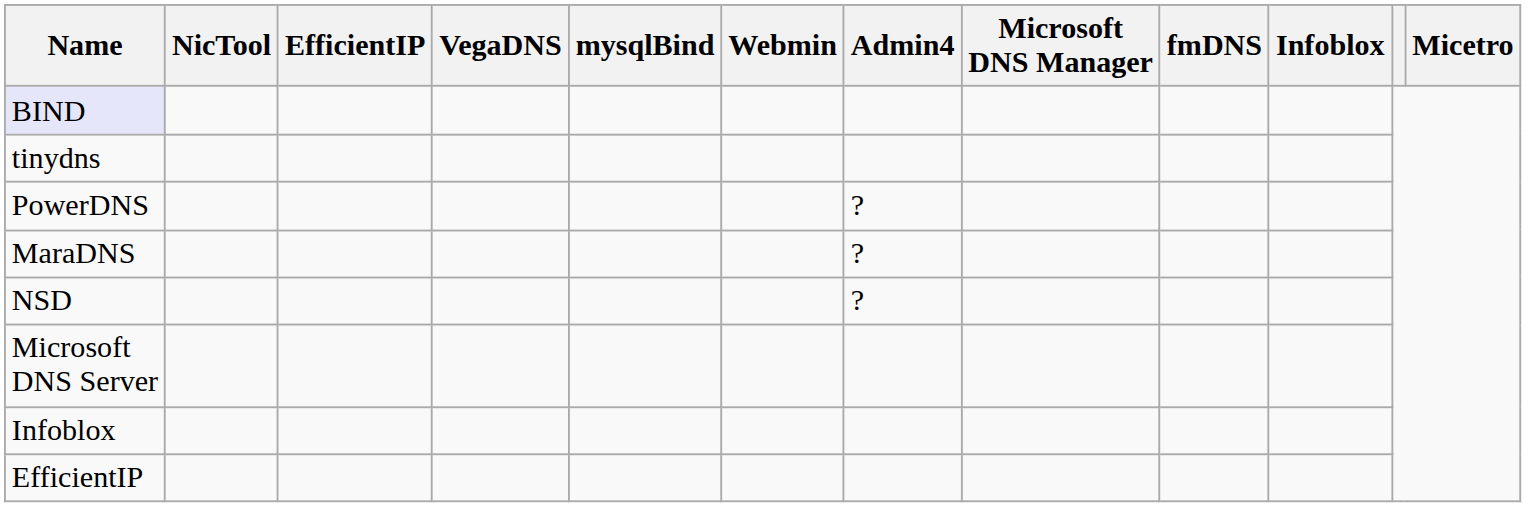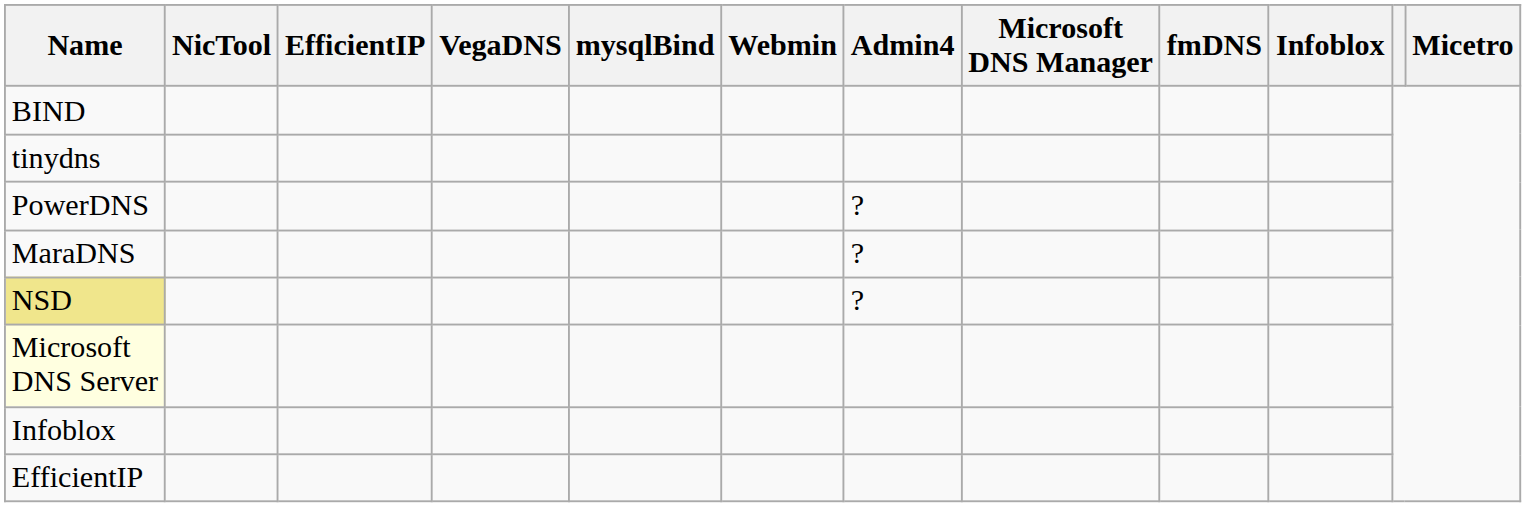 <table class="wikitable sortable">
 <tr>
 <th>Name</th>
 <th>NicTool</th>
 <th>EfficientIP</th>
 <th>VegaDNS</th>
 <th>mysqlBind</th>
 <th>Webmin</th>
 <th>Admin4</th>
 <th>Microsoft<br>DNS Manager</th>
 <th>fmDNS</th>
 <th>Infoblox</th>
 <th></th>
 <th>Micetro</th>
 </tr>
 <tr>
-<td style="background: lavender;">BIND</td>
+<td>BIND</td>
 <td></td>
 <td></td>
 <td></td>
 <td></td>
 <td></td>
 <td></td>
 <td></td>
 <td></td>
 <td></td>
 </tr>
 <tr>
 <td>tinydns</td>
 <td></td>
 <td></td>
 <td></td>
 <td></td>
 <td></td>
 <td></td>
 <td></td>
 <td></td>
 <td></td>
 </tr>
 <tr>
 <td>PowerDNS</td>
 <td></td>
 <td></td>
 <td></td>
 <td></td>
 <td></td>
 <td>?</td>
 <td></td>
 <td></td>
 <td></td>
 </tr>
 <tr>
 <td>MaraDNS</td>
 <td></td>
 <td></td>
 <td></td>
 <td></td>
 <td></td>
 <td>?</td>
 <td></td>
 <td></td>
 <td></td>
 </tr>
 <tr>
-<td>NSD</td>
+<td style="background: khaki;">NSD</td>
 <td></td>
 <td></td>
 <td></td>
 <td></td>
 <td></td>
 <td>?</td>
 <td></td>
 <td></td>
 <td></td>
 </tr>
 <tr>
-<td>Microsoft<br>DNS Server</td>
+<td style="background: lightyellow;">Microsoft<br>DNS Server</td>
 <td></td>
 <td></td>
 <td></td>
 <td></td>
 <td></td>
 <td></td>
 <td></td>
 <td></td>
 <td></td>
 </tr>
 <tr>
 <td>Infoblox</td>
 <td></td>
 <td></td>
 <td></td>
 <td></td>
 <td></td>
 <td></td>
 <td></td>
 <td></td>
 <td></td>
 </tr>
 <tr>
 <td>EfficientIP</td>
 <td></td>
 <td></td>
 <td></td>
 <td></td>
 <td></td>
 <td></td>
 <td></td>
 <td></td>
 <td></td>
 </tr>
 </table>
